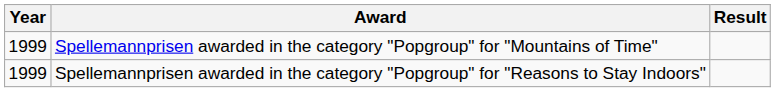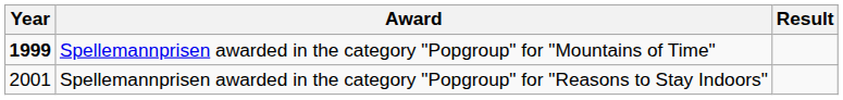 <table class="wikitable">
 <tr>
 <th>Year</th>
 <th>Award</th>
 <th>Result</th>
 </tr>
 <tr>
-<td>1999</td>
+<td><strong>1999</strong></td>
 <td><a href='#'>Spellemannprisen</a> awarded in the category "Popgroup" for "Mountains of Time"</td>
 <td></td>
 </tr>
 <tr>
-<td>1999</td>
+<td>2001</td>
 <td>Spellemannprisen awarded in the category "Popgroup" for "Reasons to Stay Indoors"</td>
 <td></td>
 </tr>
 </table>
